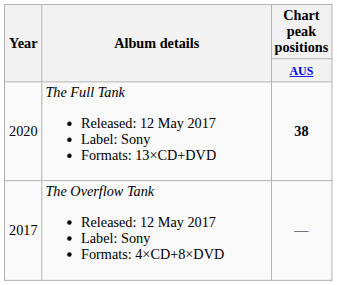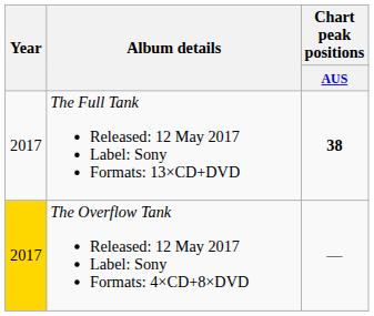 <table class="wikitable" border="1">
 <tr>
 <th rowspan="2" width="35px">Year</th>
 <th width="250px" rowspan="2">Album details</th>
 <th colspan="1">Chart peak positions</th>
 </tr>
 <tr>
 <th width="30px"><small><a href='#'>AUS</a><br></small></th>
 </tr>
 <tr>
-<td align="center">2020</td>
+<td align="center">2017</td>
 <td><em>The Full Tank</em><br><ul><li>Released: 12 May 2017</li><li>Label: Sony</li><li>Formats: 13×CD+DVD</li></ul></td>
 <td align="center"><strong>38</strong></td>
 </tr>
 <tr>
-<td align="center">2017</td>
+<td align="center" style="background: gold;">2017</td>
 <td><em>The Overflow Tank</em><br><ul><li>Released: 12 May 2017</li><li>Label: Sony</li><li>Formats: 4×CD+8×DVD</li></ul></td>
 <td align="center">—</td>
 </tr>
 </table>
